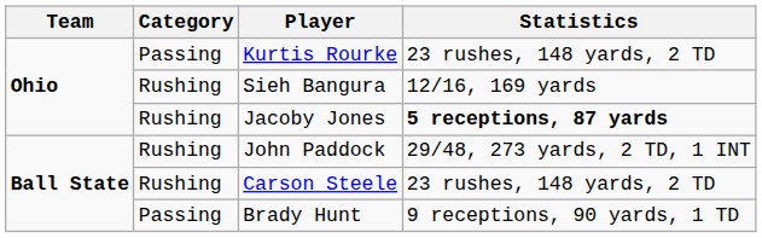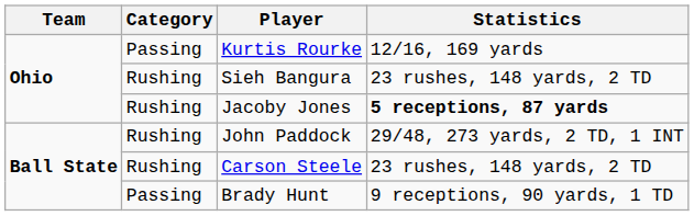 <table class="wikitable" style="float: right;">
 <tr>
 <th>Team</th>
 <th>Category</th>
 <th>Player</th>
 <th>Statistics</th>
 </tr>
 <tr>
 <td rowspan=3><strong>Ohio</strong></td>
 <td>Passing</td>
 <td><a href='#'>Kurtis Rourke</a></td>
-<td>23 rushes, 148 yards, 2 TD</td>
+<td>12/16, 169 yards</td>
 </tr>
 <tr>
 <td>Rushing</td>
 <td>Sieh Bangura</td>
-<td>12/16, 169 yards</td>
+<td>23 rushes, 148 yards, 2 TD</td>
 </tr>
 <tr>
 <td>Rushing</td>
 <td>Jacoby Jones</td>
 <td><strong>5 receptions, 87 yards</strong></td>
 </tr>
 <tr>
 <td rowspan=3><strong>Ball State</strong></td>
 <td>Rushing</td>
 <td>John Paddock</td>
 <td>29/48, 273 yards, 2 TD, 1 INT</td>
 </tr>
 <tr>
 <td>Rushing</td>
 <td><a href='#'>Carson Steele</a></td>
 <td>23 rushes, 148 yards, 2 TD</td>
 </tr>
 <tr>
 <td>Passing</td>
 <td>Brady Hunt</td>
 <td>9 receptions, 90 yards, 1 TD</td>
 </tr>
 </table>
